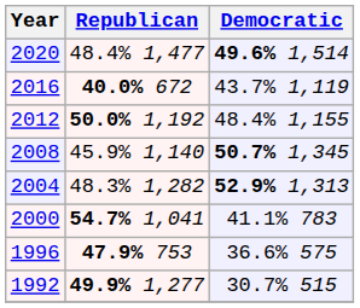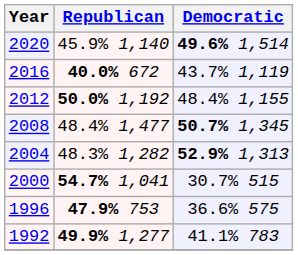 <table class="wikitable" style="font-size: 95%;">
 <tr>
 <th>Year</th>
 <th><a href='#'>Republican</a></th>
 <th><a href='#'>Democratic</a></th>
 </tr>
 <tr>
 <td align="center" bgcolor="#f0f0ff"><a href='#'>2020</a></td>
-<td align="center" bgcolor="#fff3f3">48.4% <em>1,477</em></td>
+<td align="center" bgcolor="#fff3f3">45.9% <em>1,140</em></td>
 <td align="center" bgcolor="#f0f0ff"><strong>49.6%</strong> <em>1,514</em></td>
 </tr>
 <tr |->
 <td align="center" bgcolor="#fff3f3"><a href='#'>2016</a></td>
 <td align="center" bgcolor="#fff3f3"><strong>40.0%</strong> <em>672</em></td>
 <td align="center" bgcolor="#f0f0ff">43.7% <em>1,119</em></td>
 </tr>
 <tr |->
 <td align="center" bgcolor="#fff3f3"><a href='#'>2012</a></td>
 <td align="center" bgcolor="#fff3f3"><strong>50.0%</strong> <em>1,192</em></td>
 <td align="center" bgcolor="#f0f0ff">48.4% <em>1,155</em></td>
 </tr>
 <tr>
 <td align="center" bgcolor="#f0f0ff"><a href='#'>2008</a></td>
-<td align="center" bgcolor="#fff3f3">45.9% <em>1,140</em></td>
+<td align="center" bgcolor="#fff3f3">48.4% <em>1,477</em></td>
 <td align="center" bgcolor="#f0f0ff"><strong>50.7%</strong> <em>1,345</em></td>
 </tr>
 <tr>
 <td align="center" bgcolor="#f0f0ff"><a href='#'>2004</a></td>
 <td align="center" bgcolor="#fff3f3">48.3% <em>1,282</em></td>
 <td align="center" bgcolor="#f0f0ff"><strong>52.9%</strong> <em>1,313</em></td>
 </tr>
 <tr>
 <td align="center" bgcolor="#fff3f3"><a href='#'>2000</a></td>
 <td align="center" bgcolor="#fff3f3"><strong>54.7%</strong> <em>1,041</em></td>
-<td align="center" bgcolor="#f0f0ff">41.1% <em>783</em></td>
+<td align="center" bgcolor="#f0f0ff">30.7% <em>515</em></td>
 </tr>
 <tr>
 <td align="center" bgcolor="#fff3f3"><a href='#'>1996</a></td>
 <td align="center" bgcolor="#fff3f3"><strong>47.9%</strong> <em>753</em></td>
 <td align="center" bgcolor="#f0f0ff">36.6% <em>575</em></td>
 </tr>
 <tr>
 <td align="center" bgcolor="#fff3f3"><a href='#'>1992</a></td>
 <td align="center" bgcolor="#fff3f3"><strong>49.9%</strong> <em>1,277</em></td>
-<td align="center" bgcolor="#f0f0ff">30.7% <em>515</em></td>
+<td align="center" bgcolor="#f0f0ff">41.1% <em>783</em></td>
 </tr>
 <tr>
 </tr>
 </table>
